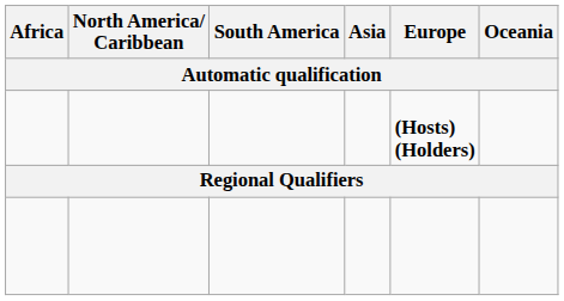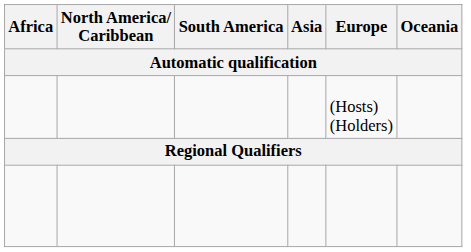 <table class="wikitable">
 <tr>
 <th>Africa</th>
 <th>North America/<br>Caribbean</th>
 <th>South America</th>
 <th>Asia</th>
 <th>Europe</th>
 <th>Oceania</th>
 </tr>
 <tr>
 <th colspan=6>Automatic qualification</th>
 </tr>
 <tr>
 <td><br></td>
 <td></td>
 <td></td>
 <td></td>
-<td><strong><br> (Hosts)<br> (Holders)</strong></td>
+<td><br> (Hosts)<br> (Holders)</td>
 <td><br><br></td>
 </tr>
 <tr>
 <th colspan=6>Regional Qualifiers</th>
 </tr>
 <tr>
 <td><br></td>
 <td><br></td>
 <td></td>
 <td><br><br></td>
 <td><br><br><br><br></td>
 <td><br></td>
 </tr>
 </table>
